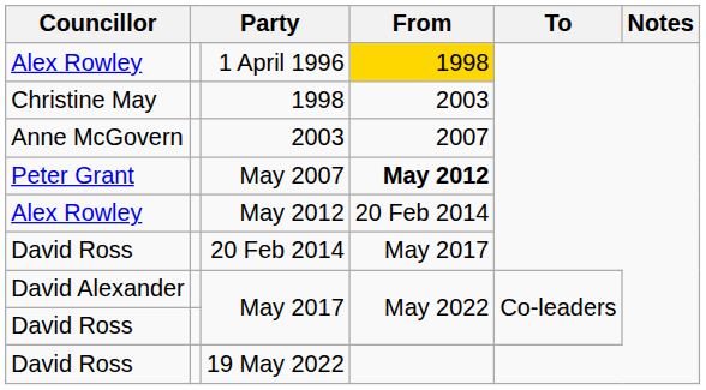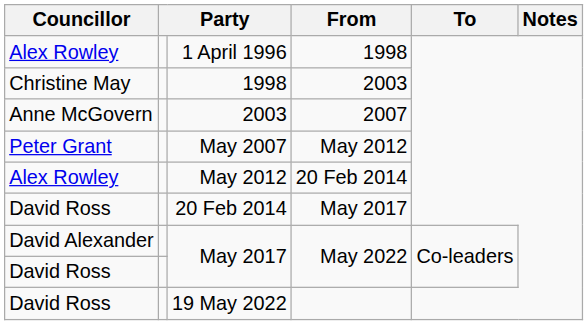 <table class=wikitable>
 <tr>
 <th>Councillor</th>
 <th colspan=2>Party</th>
 <th>From</th>
 <th>To</th>
 <th>Notes</th>
 </tr>
 <tr>
 <td><a href='#'>Alex Rowley</a></td>
 <td></td>
 <td align=right>1 April 1996</td>
-<td align=right style="background: gold;">1998</td>
+<td align=right>1998</td>
 </tr>
 <tr>
 <td>Christine May</td>
 <td></td>
 <td align=right>1998</td>
 <td align=right>2003</td>
 </tr>
 <tr>
 <td>Anne McGovern</td>
 <td></td>
 <td align=right>2003</td>
 <td align=right>2007</td>
 </tr>
 <tr>
 <td><a href='#'>Peter Grant</a></td>
 <td></td>
 <td align=right>May 2007</td>
-<td align=right><strong>May 2012</strong></td>
+<td align=right>May 2012</td>
 </tr>
 <tr>
 <td><a href='#'>Alex Rowley</a></td>
 <td></td>
 <td align=right>May 2012</td>
 <td align=right>20 Feb 2014</td>
 </tr>
 <tr>
 <td>David Ross</td>
 <td></td>
 <td align=right>20 Feb 2014</td>
 <td align=right>May 2017</td>
 </tr>
 <tr>
 <td>David Alexander</td>
 <td></td>
 <td rowspan=2 align=right>May 2017</td>
 <td rowspan=2 align=right>May 2022</td>
 <td rowspan=2 align=left>Co-leaders</td>
 </tr>
 <tr>
 <td>David Ross</td>
 <td></td>
 </tr>
 <tr>
 <td>David Ross</td>
 <td></td>
 <td align=right>19 May 2022</td>
 <td align=right></td>
 </tr>
 </table>
